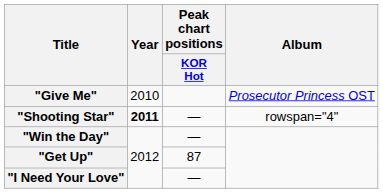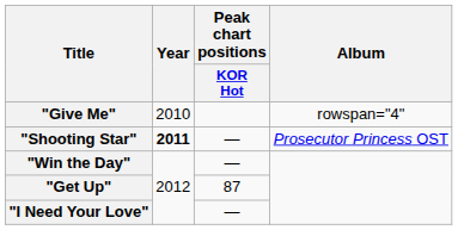 <table class="wikitable plainrowheaders" style="text-align:center;">
 <tr>
 <th scope="col" rowspan="2">Title</th>
 <th scope="col" rowspan="2">Year</th>
 <th scope="col">Peak chart positions</th>
 <th scope="col" rowspan="2">Album</th>
 </tr>
 <tr>
 <th scope="col" style="width:3em;font-size:90%;"><a href='#'>KOR<br>Hot</a><br></th>
 </tr>
 <tr>
 <th scope="row">"Give Me" </th>
 <td>2010</td>
 <td></td>
-<td><a href='#'><em>Prosecutor Princess</em> OST</a></td>
+<td>rowspan="4" </td>
 </tr>
 <tr>
 <th scope="row">"Shooting Star" </th>
 <td><strong>2011</strong></td>
 <td>—</td>
-<td>rowspan="4" </td>
+<td><a href='#'><em>Prosecutor Princess</em> OST</a></td>
 </tr>
 <tr>
 <th scope="row">"Win the Day" </th>
 <td rowspan="3">2012</td>
 <td>—</td>
 </tr>
 <tr>
 <th scope="row">"Get Up" </th>
 <td>87</td>
 </tr>
 <tr>
 <th scope="row">"I Need Your Love" </th>
 <td>—</td>
 </tr>
 </table>
